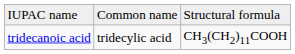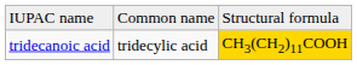 <table class="wikitable">
 <tr bgcolor="#efefef">
 <td>IUPAC name</td>
 <td>Common name</td>
 <td>Structural formula</td>
 </tr>
 <tr>
 <td><a href='#'>tridecanoic acid</a></td>
 <td>tridecylic acid</td>
-<td>CH<sub>3</sub>(CH<sub>2</sub>)<sub>11</sub>COOH</td>
+<td style="background: gold;">CH<sub>3</sub>(CH<sub>2</sub>)<sub>11</sub>COOH</td>
 </tr>
 </table>
